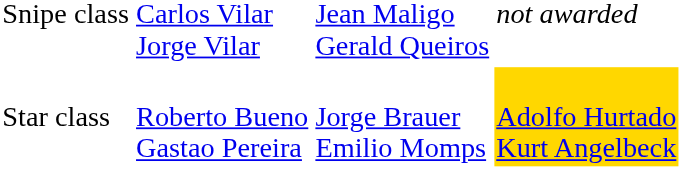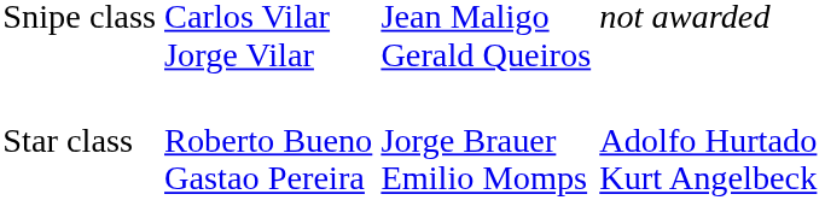 <table>
 <tr>
 <td>Snipe class</td>
 <td> <br><a href='#'>Carlos Vilar</a><br><a href='#'>Jorge Vilar</a></td>
 <td><br><a href='#'>Jean Maligo</a><br><a href='#'>Gerald Queiros</a></td>
 <td><em>not awarded</em></td>
 </tr>
 <tr>
 <td>Star class</td>
 <td><br><a href='#'>Roberto Bueno</a><br><a href='#'>Gastao Pereira</a></td>
 <td> <br><a href='#'>Jorge Brauer </a><br><a href='#'>Emilio Momps</a></td>
-<td style="background: gold;"> <br><a href='#'>Adolfo Hurtado</a><br><a href='#'>Kurt Angelbeck</a></td>
+<td> <br><a href='#'>Adolfo Hurtado</a><br><a href='#'>Kurt Angelbeck</a></td>
 </tr>
 </table>
